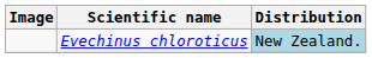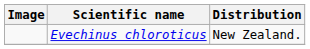 <table class="wikitable">
 <tr>
 <th>Image</th>
 <th>Scientific name</th>
 <th>Distribution</th>
 </tr>
 <tr>
 <td></td>
 <td><em><a href='#'>Evechinus chloroticus</a></em> </td>
-<td style="background: lightblue;">New Zealand.</td>
+<td>New Zealand.</td>
 </tr>
 <tr>
 </tr>
 </table>
